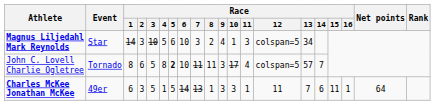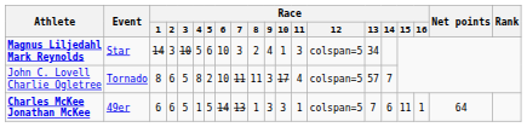 <table class=wikitable style=font-size:90%;text-align:center>
 <tr>
 <th rowspan=2>Athlete</th>
 <th rowspan=2>Event</th>
 <th colspan=16>Race</th>
 <th rowspan=2>Net points</th>
 <th rowspan=2>Rank</th>
 </tr>
 <tr style=font-size:95%>
 <th>1</th>
 <th>2</th>
 <th>3</th>
 <th>4</th>
 <th>5</th>
 <th>6</th>
 <th>7</th>
 <th>8</th>
 <th>9</th>
 <th>10</th>
 <th>11</th>
 <th>12</th>
 <th>13</th>
 <th>14</th>
 <th>15</th>
 <th>16</th>
 </tr>
 <tr>
 <td align=left><strong><a href='#'>Magnus Liljedahl</a><br><a href='#'>Mark Reynolds</a></strong></td>
 <td align=left><a href='#'>Star</a></td>
 <td><s>14</s></td>
 <td>3</td>
 <td><s>10</s></td>
 <td>5</td>
 <td>6</td>
 <td>10</td>
 <td>3</td>
 <td>2</td>
 <td>4</td>
 <td>1</td>
 <td>3</td>
 <td>colspan=5 </td>
 <td>34</td>
 <td></td>
 </tr>
 <tr>
 <td align=left><a href='#'>John C. Lovell</a><br><a href='#'>Charlie Ogletree</a></td>
 <td align=left><a href='#'>Tornado</a></td>
 <td>8</td>
 <td>6</td>
 <td>5</td>
 <td>8</td>
-<td><strong>2</strong></td>
+<td>2</td>
 <td>10</td>
 <td><s>11</s></td>
 <td>11</td>
 <td>3</td>
 <td><s>17<br></s></td>
 <td>4</td>
 <td>colspan=5 </td>
 <td>57</td>
 <td>7</td>
 </tr>
 <tr>
 <td align=left><strong><a href='#'>Charles McKee</a><br><a href='#'>Jonathan McKee</a></strong></td>
 <td align=left><a href='#'>49er</a></td>
 <td>6</td>
-<td>3</td>
+<td>6</td>
 <td>5</td>
 <td>1</td>
 <td>5</td>
 <td><s>14</s></td>
 <td><s>13</s></td>
 <td>1</td>
 <td>3</td>
 <td>3</td>
 <td>1</td>
-<td>11</td>
+<td>colspan=5 </td>
 <td>7</td>
 <td>6</td>
 <td>11</td>
 <td>1</td>
 <td>64</td>
 <td></td>
 </tr>
 </table>
